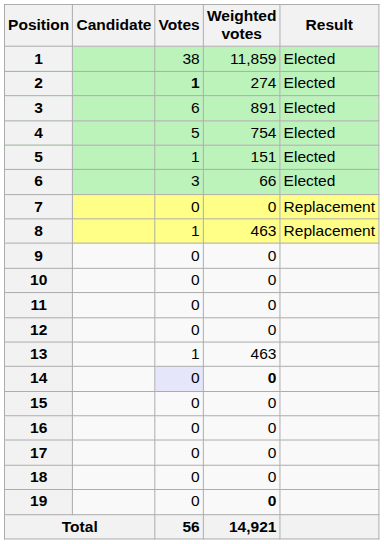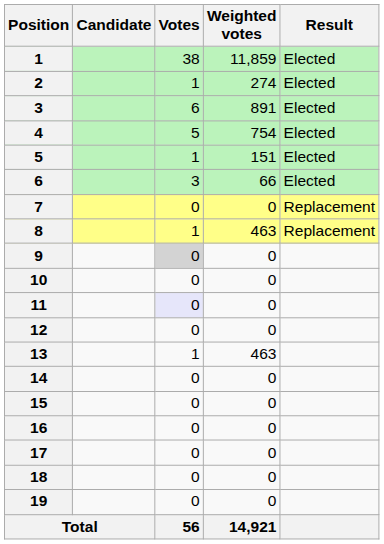 <table class="wikitable sortable">
 <tr>
 <th scope="col">Position</th>
 <th scope="col">Candidate</th>
 <th scope="col">Votes</th>
 <th scope="col">Weighted<br>votes</th>
 <th scope="col">Result</th>
 </tr>
 <tr bgcolor=bbf3bb>
 <th scope="row">1</th>
 <td></td>
 <td style="text-align:right">38</td>
 <td style="text-align:right">11,859</td>
 <td>Elected</td>
 </tr>
 <tr bgcolor=bbf3bb>
 <th scope="row">2</th>
 <td></td>
-<td style="text-align:right"><strong>1</strong></td>
+<td style="text-align:right">1</td>
 <td style="text-align:right">274</td>
 <td>Elected</td>
 </tr>
 <tr bgcolor=bbf3bb>
 <th scope="row">3</th>
 <td></td>
 <td style="text-align:right">6</td>
 <td style="text-align:right">891</td>
 <td>Elected</td>
 </tr>
 <tr bgcolor=bbf3bb>
 <th scope="row">4</th>
 <td></td>
 <td style="text-align:right">5</td>
 <td style="text-align:right">754</td>
 <td>Elected</td>
 </tr>
 <tr bgcolor=bbf3bb>
 <th scope="row">5</th>
 <td></td>
 <td style="text-align:right">1</td>
 <td style="text-align:right">151</td>
 <td>Elected</td>
 </tr>
 <tr bgcolor=bbf3bb>
 <th scope="row">6</th>
 <td></td>
 <td style="text-align:right">3</td>
 <td style="text-align:right">66</td>
 <td>Elected</td>
 </tr>
 <tr bgcolor=#FF8>
 <th scope="row">7</th>
 <td></td>
 <td style="text-align:right">0</td>
 <td style="text-align:right">0</td>
 <td>Replacement</td>
 </tr>
 <tr bgcolor=#FF8>
 <th scope="row">8</th>
 <td></td>
 <td style="text-align:right">1</td>
 <td style="text-align:right">463</td>
 <td>Replacement</td>
 </tr>
 <tr>
 <th scope="row">9</th>
 <td></td>
-<td style="text-align:right">0</td>
+<td style="background: lightgrey; text-align:right">0</td>
 <td style="text-align:right">0</td>
 <td></td>
 </tr>
 <tr>
 <th scope="row">10</th>
 <td></td>
 <td style="text-align:right">0</td>
 <td style="text-align:right">0</td>
 <td></td>
 </tr>
 <tr>
 <th scope="row">11</th>
 <td></td>
-<td style="text-align:right">0</td>
+<td style="background: lavender; text-align:right">0</td>
 <td style="text-align:right">0</td>
 <td></td>
 </tr>
 <tr>
 <th scope="row">12</th>
 <td></td>
 <td style="text-align:right">0</td>
 <td style="text-align:right">0</td>
 <td></td>
 </tr>
 <tr>
 <th scope="row">13</th>
 <td></td>
 <td style="text-align:right">1</td>
 <td style="text-align:right">463</td>
 <td></td>
 </tr>
 <tr>
 <th scope="row">14</th>
 <td></td>
-<td style="background: lavender; text-align:right">0</td>
-<td style="text-align:right"><strong>0</strong></td>
+<td style="text-align:right">0</td>
+<td style="text-align:right">0</td>
 <td></td>
 </tr>
 <tr>
 <th scope="row">15</th>
 <td></td>
 <td style="text-align:right">0</td>
 <td style="text-align:right">0</td>
 <td></td>
 </tr>
 <tr>
 <th scope="row">16</th>
 <td></td>
 <td style="text-align:right">0</td>
 <td style="text-align:right">0</td>
 <td></td>
 </tr>
 <tr>
 <th scope="row">17</th>
 <td></td>
 <td style="text-align:right">0</td>
 <td style="text-align:right">0</td>
 <td></td>
 </tr>
 <tr>
 <th scope="row">18</th>
 <td></td>
 <td style="text-align:right">0</td>
 <td style="text-align:right">0</td>
 <td></td>
 </tr>
 <tr>
 <th scope="row">19</th>
 <td></td>
 <td style="text-align:right">0</td>
-<td style="text-align:right"><strong>0</strong></td>
+<td style="text-align:right">0</td>
 <td></td>
 </tr>
 <tr class="sortbottom">
 <th scope="row" colspan="2">Total</th>
 <th style="text-align:right">56</th>
 <th style="text-align:right">14,921</th>
 <th></th>
 </tr>
 </table>
